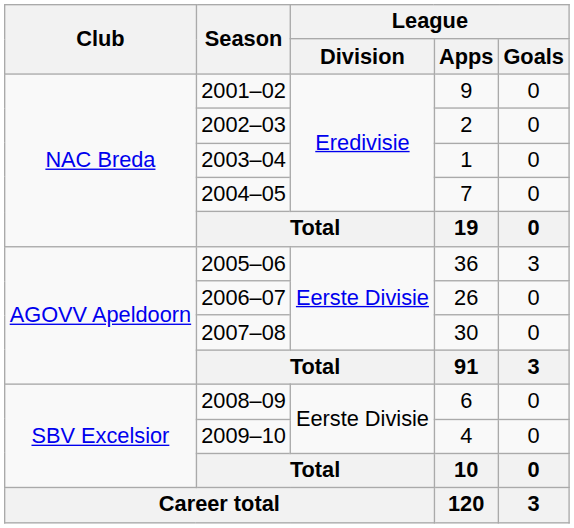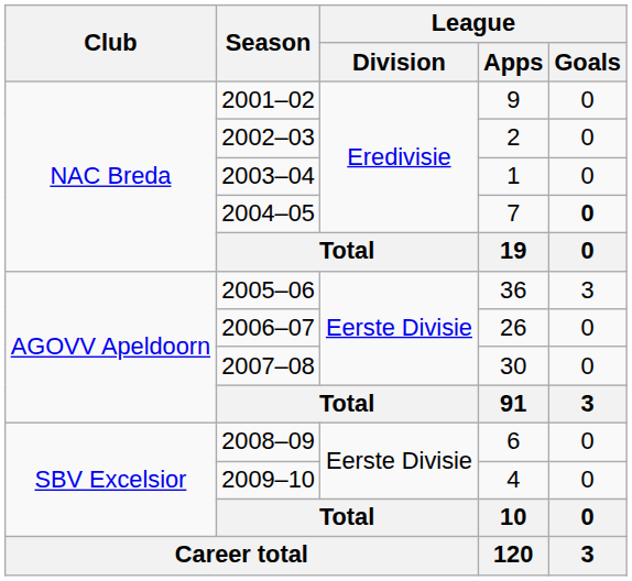 <table class="wikitable" style="text-align: center">
 <tr>
 <th rowspan="2">Club</th>
 <th rowspan="2">Season</th>
 <th colspan="3">League</th>
 </tr>
 <tr>
 <th>Division</th>
 <th>Apps</th>
 <th>Goals</th>
 </tr>
 <tr>
 <td rowspan="5"><a href='#'>NAC Breda</a></td>
 <td>2001–02</td>
 <td rowspan="4"><a href='#'>Eredivisie</a></td>
 <td>9</td>
 <td>0</td>
 </tr>
 <tr>
 <td>2002–03</td>
 <td>2</td>
 <td>0</td>
 </tr>
 <tr>
 <td>2003–04</td>
 <td>1</td>
 <td>0</td>
 </tr>
 <tr>
 <td>2004–05</td>
 <td>7</td>
-<td>0</td>
+<td><strong>0</strong></td>
 </tr>
 <tr>
 <th colspan="2">Total</th>
 <th>19</th>
 <th>0</th>
 </tr>
 <tr>
 <td rowspan="4"><a href='#'>AGOVV Apeldoorn</a></td>
 <td>2005–06</td>
 <td rowspan="3"><a href='#'>Eerste Divisie</a></td>
 <td>36</td>
 <td>3</td>
 </tr>
 <tr>
 <td>2006–07</td>
 <td>26</td>
 <td>0</td>
 </tr>
 <tr>
 <td>2007–08</td>
 <td>30</td>
 <td>0</td>
 </tr>
 <tr>
 <th colspan="2">Total</th>
 <th>91</th>
 <th>3</th>
 </tr>
 <tr>
 <td rowspan="3"><a href='#'>SBV Excelsior</a></td>
 <td>2008–09</td>
 <td rowspan="2">Eerste Divisie</td>
 <td>6</td>
 <td>0</td>
 </tr>
 <tr>
 <td>2009–10</td>
 <td>4</td>
 <td>0</td>
 </tr>
 <tr>
 <th colspan="2">Total</th>
 <th>10</th>
 <th>0</th>
 </tr>
 <tr>
 <th colspan="3">Career total</th>
 <th>120</th>
 <th>3</th>
 </tr>
 </table>
